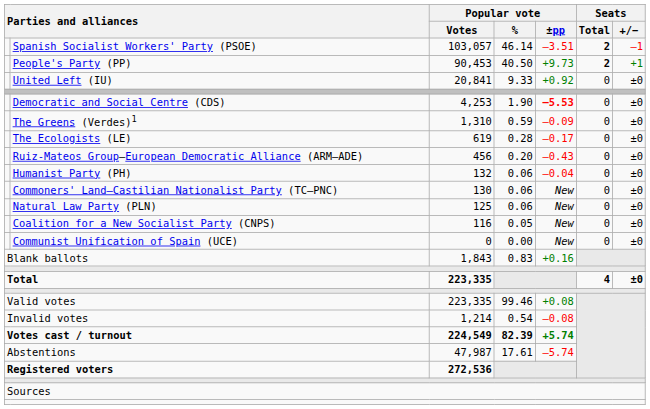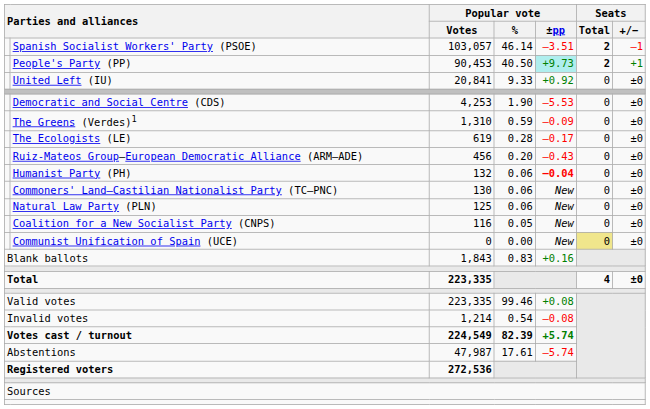 <table class="wikitable" style="text-align:right;">
 <tr>
 <th style="text-align:left;" rowspan="2" colspan="2" width="525">Parties and alliances</th>
 <th colspan="3">Popular vote</th>
 <th colspan="2">Seats</th>
 </tr>
 <tr>
 <th width="75">Votes</th>
 <th width="45">%</th>
 <th width="45">±<a href='#'>pp</a></th>
 <th width="35">Total</th>
 <th width="35">+/−</th>
 </tr>
 <tr>
 <td width="1" style="color:inherit;background:"></td>
 <td align="left"><a href='#'>Spanish Socialist Workers' Party</a> (PSOE)</td>
 <td>103,057</td>
 <td>46.14</td>
 <td style="color:red;">–3.51</td>
 <td><strong>2</strong></td>
 <td style="color:red;">–1</td>
 </tr>
 <tr>
 <td style="color:inherit;background:"></td>
 <td align="left"><a href='#'>People's Party</a> (PP)</td>
 <td>90,453</td>
 <td>40.50</td>
-<td style="color:green;">+9.73</td>
+<td style="background: paleturquoise; color:green;">+9.73</td>
 <td><strong>2</strong></td>
 <td style="color:green;">+1</td>
 </tr>
 <tr>
 <td style="color:inherit;background:"></td>
 <td align="left"><a href='#'>United Left</a> (IU)</td>
 <td>20,841</td>
 <td>9.33</td>
 <td style="color:green;">+0.92</td>
 <td>0</td>
 <td>±0</td>
 </tr>
 <tr>
 <td colspan="7" bgcolor="#C0C0C0"></td>
 </tr>
 <tr>
 <td style="color:inherit;background:"></td>
 <td align="left"><a href='#'>Democratic and Social Centre</a> (CDS)</td>
 <td>4,253</td>
 <td>1.90</td>
-<td style="color:red;"><strong>–5.53</strong></td>
+<td style="color:red;">–5.53</td>
 <td>0</td>
 <td>±0</td>
 </tr>
 <tr>
 <td style="color:inherit;background:"></td>
 <td align="left"><a href='#'>The Greens</a> (Verdes)<sup>1</sup></td>
 <td>1,310</td>
 <td>0.59</td>
 <td style="color:red;">–0.09</td>
 <td>0</td>
 <td>±0</td>
 </tr>
 <tr>
 <td style="color:inherit;background:"></td>
 <td align="left"><a href='#'>The Ecologists</a> (LE)</td>
 <td>619</td>
 <td>0.28</td>
 <td style="color:red;">–0.17</td>
 <td>0</td>
 <td>±0</td>
 </tr>
 <tr>
 <td style="color:inherit;background:"></td>
 <td align="left"><a href='#'>Ruiz-Mateos Group</a>–<a href='#'>European Democratic Alliance</a> (ARM–ADE)</td>
 <td>456</td>
 <td>0.20</td>
 <td style="color:red;">–0.43</td>
 <td>0</td>
 <td>±0</td>
 </tr>
 <tr>
 <td style="color:inherit;background:"></td>
 <td align="left"><a href='#'>Humanist Party</a> (PH)</td>
 <td>132</td>
 <td>0.06</td>
-<td style="color:red;">–0.04</td>
+<td style="color:red;"><strong>–0.04</strong></td>
 <td>0</td>
 <td>±0</td>
 </tr>
 <tr>
 <td style="color:inherit;background:"></td>
 <td align="left"><a href='#'>Commoners' Land–Castilian Nationalist Party</a> (TC–PNC)</td>
 <td>130</td>
 <td>0.06</td>
 <td><em>New</em></td>
 <td>0</td>
 <td>±0</td>
 </tr>
 <tr>
 <td style="color:inherit;background:"></td>
 <td align="left"><a href='#'>Natural Law Party</a> (PLN)</td>
 <td>125</td>
 <td>0.06</td>
 <td><em>New</em></td>
 <td>0</td>
 <td>±0</td>
 </tr>
 <tr>
 <td style="color:inherit;background:"></td>
 <td align="left"><a href='#'>Coalition for a New Socialist Party</a> (CNPS)</td>
 <td>116</td>
 <td>0.05</td>
 <td><em>New</em></td>
 <td>0</td>
 <td>±0</td>
 </tr>
 <tr>
 <td style="color:inherit;background:"></td>
 <td align="left"><a href='#'>Communist Unification of Spain</a> (UCE)</td>
 <td>0</td>
 <td>0.00</td>
 <td><em>New</em></td>
-<td>0</td>
+<td style="background: khaki;">0</td>
 <td>±0</td>
 </tr>
 <tr>
 <td align="left" colspan="2">Blank ballots</td>
 <td>1,843</td>
 <td>0.83</td>
 <td style="color:green;">+0.16</td>
 <td bgcolor="#E9E9E9" colspan="2"></td>
 </tr>
 <tr>
 <td colspan="7" bgcolor="#E9E9E9"></td>
 </tr>
 <tr style="font-weight:bold;">
 <td align="left" colspan="2">Total</td>
 <td>223,335</td>
 <td bgcolor="#E9E9E9" colspan="2"></td>
 <td>4</td>
 <td>±0</td>
 </tr>
 <tr>
 <td colspan="7" bgcolor="#E9E9E9"></td>
 </tr>
 <tr>
 <td align="left" colspan="2">Valid votes</td>
 <td>223,335</td>
 <td>99.46</td>
 <td style="color:green;">+0.08</td>
 <td bgcolor="#E9E9E9" colspan="2" rowspan="5"></td>
 </tr>
 <tr>
 <td align="left" colspan="2">Invalid votes</td>
 <td>1,214</td>
 <td>0.54</td>
 <td style="color:red;">–0.08</td>
 </tr>
 <tr style="font-weight:bold;">
 <td align="left" colspan="2">Votes cast / turnout</td>
 <td>224,549</td>
 <td>82.39</td>
 <td style="color:green;">+5.74</td>
 </tr>
 <tr>
 <td align="left" colspan="2">Abstentions</td>
 <td>47,987</td>
 <td>17.61</td>
 <td style="color:red;">–5.74</td>
 </tr>
 <tr style="font-weight:bold;">
 <td align="left" colspan="2">Registered voters</td>
 <td>272,536</td>
 <td bgcolor="#E9E9E9" colspan="2"></td>
 </tr>
 <tr>
 <td colspan="7" bgcolor="#E9E9E9"></td>
 </tr>
 <tr>
 <td align="left" colspan="7">Sources</td>
 </tr>
 <tr>
 <td colspan="7" style="text-align:left; max-width:790px;"></td>
 </tr>
 </table>
